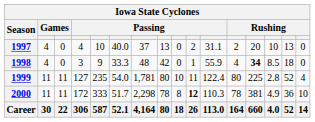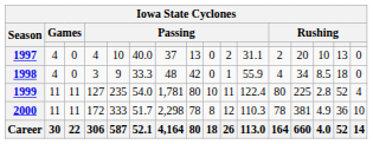 <table class="wikitable" style="text-align: center;">
 <tr>
 <th colspan="16">Iowa State Cyclones</th>
 </tr>
 <tr>
 <th rowspan="2">Season</th>
 <th colspan="2">Games</th>
 <th colspan="8">Passing</th>
 <th colspan="5">Rushing</th>
 </tr>
 <tr>
 <th></th>
 <th></th>
 <th></th>
 <th></th>
 <th></th>
 <th></th>
 <th></th>
 <th></th>
 <th></th>
 <th></th>
 <th></th>
 <th></th>
 <th></th>
 <th></th>
 <th></th>
 </tr>
 <tr>
 <th><a href='#'>1997</a></th>
 <td>4</td>
 <td>0</td>
 <td>4</td>
 <td>10</td>
 <td>40.0</td>
 <td>37</td>
 <td>13</td>
 <td>0</td>
 <td>2</td>
 <td>31.1</td>
 <td>2</td>
 <td>20</td>
 <td>10</td>
 <td>13</td>
 <td>0</td>
 </tr>
 <tr>
 <th><a href='#'>1998</a></th>
 <td>4</td>
 <td>0</td>
 <td>3</td>
 <td>9</td>
 <td>33.3</td>
 <td>48</td>
 <td>42</td>
 <td>0</td>
 <td>1</td>
 <td>55.9</td>
 <td>4</td>
-<td><strong>34</strong></td>
+<td>34</td>
 <td>8.5</td>
 <td>18</td>
 <td>0</td>
 </tr>
 <tr>
 <th><a href='#'>1999</a></th>
 <td>11</td>
 <td>11</td>
 <td>127</td>
 <td>235</td>
 <td>54.0</td>
 <td>1,781</td>
 <td>80</td>
 <td>10</td>
 <td>11</td>
 <td>122.4</td>
 <td>80</td>
 <td>225</td>
 <td>2.8</td>
 <td>52</td>
 <td>4</td>
 </tr>
 <tr>
 <th><a href='#'>2000</a></th>
 <td>11</td>
 <td>11</td>
 <td>172</td>
 <td>333</td>
 <td>51.7</td>
 <td>2,298</td>
 <td>78</td>
 <td>8</td>
-<td><strong>12</strong></td>
+<td>12</td>
 <td>110.3</td>
 <td>78</td>
 <td>381</td>
 <td>4.9</td>
 <td>36</td>
 <td>10</td>
 </tr>
 <tr>
 <th>Career</th>
 <th>30</th>
 <th>22</th>
 <th>306</th>
 <th>587</th>
 <th>52.1</th>
 <th>4,164</th>
 <th>80</th>
 <th>18</th>
 <th>26</th>
 <th>113.0</th>
 <th>164</th>
 <th>660</th>
 <th>4.0</th>
 <th>52</th>
 <th>14</th>
 </tr>
 </table>
